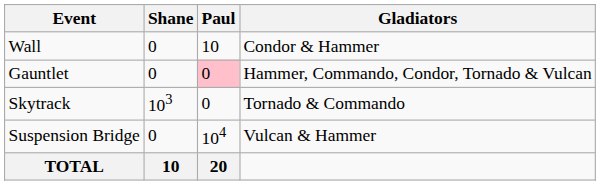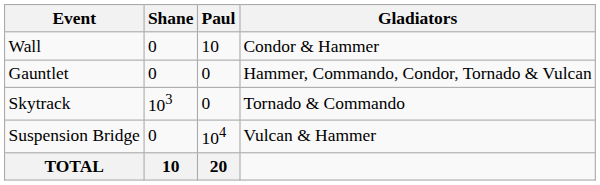 <table class="wikitable">
 <tr>
 <th>Event</th>
 <th>Shane</th>
 <th>Paul</th>
 <th>Gladiators</th>
 </tr>
 <tr>
 <td>Wall</td>
 <td>0</td>
 <td>10</td>
 <td>Condor & Hammer</td>
 </tr>
 <tr>
 <td>Gauntlet</td>
 <td>0</td>
-<td style="background: pink;">0</td>
+<td>0</td>
 <td>Hammer, Commando, Condor, Tornado & Vulcan</td>
 </tr>
 <tr>
 <td>Skytrack</td>
 <td>10<sup>3</sup></td>
 <td>0</td>
 <td>Tornado & Commando</td>
 </tr>
 <tr>
 <td>Suspension Bridge</td>
 <td>0</td>
 <td>10<sup>4</sup></td>
 <td>Vulcan & Hammer</td>
 </tr>
 <tr>
 <th>TOTAL</th>
 <th>10</th>
 <th>20</th>
 </tr>
 </table>
